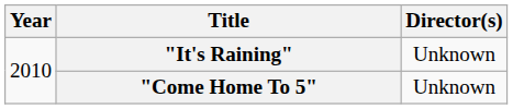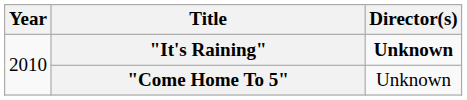 <table class="wikitable plainrowheaders" style="text-align:center;" border="1">
 <tr>
 <th scope="col">Year</th>
 <th scope="col" style="width:16em;">Title</th>
 <th scope="col">Director(s)</th>
 </tr>
 <tr>
 <td rowspan=2>2010</td>
 <th scope="row">"It's Raining"</th>
-<td>Unknown</td>
+<td><strong>Unknown</strong></td>
 </tr>
 <tr>
 <th scope="row">"Come Home To 5"</th>
 <td>Unknown</td>
 </tr>
 </table>
